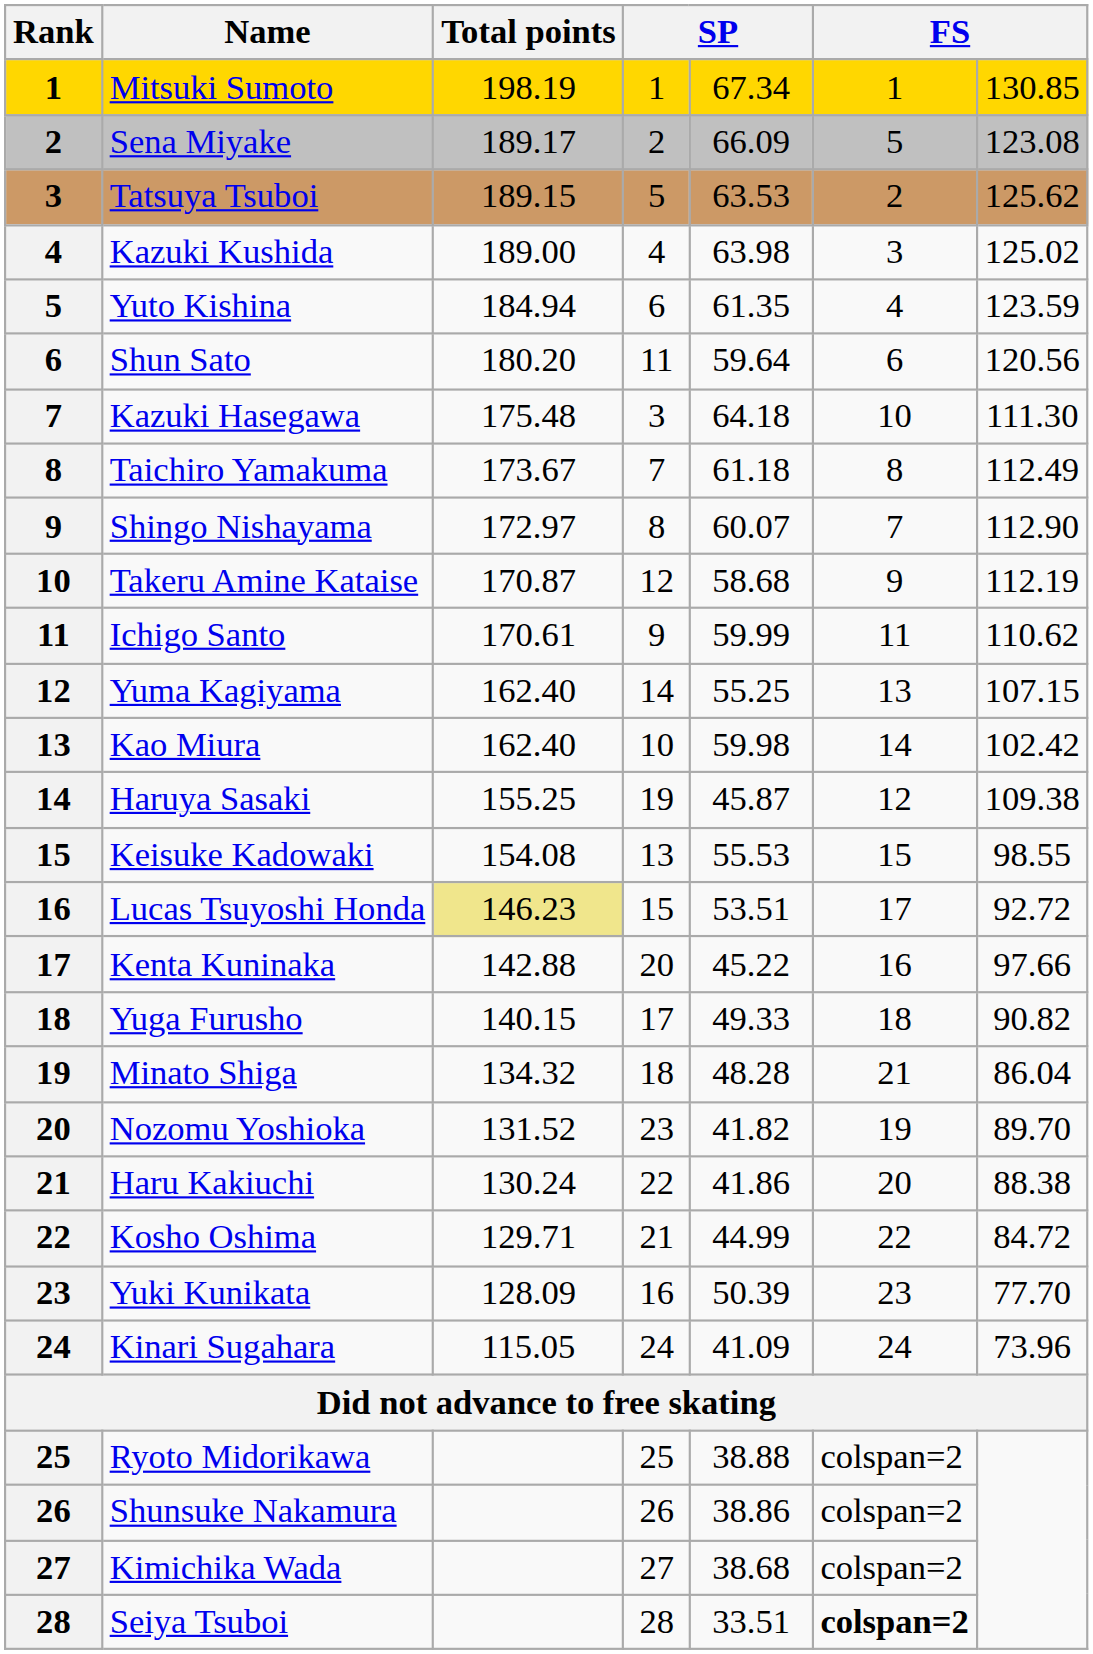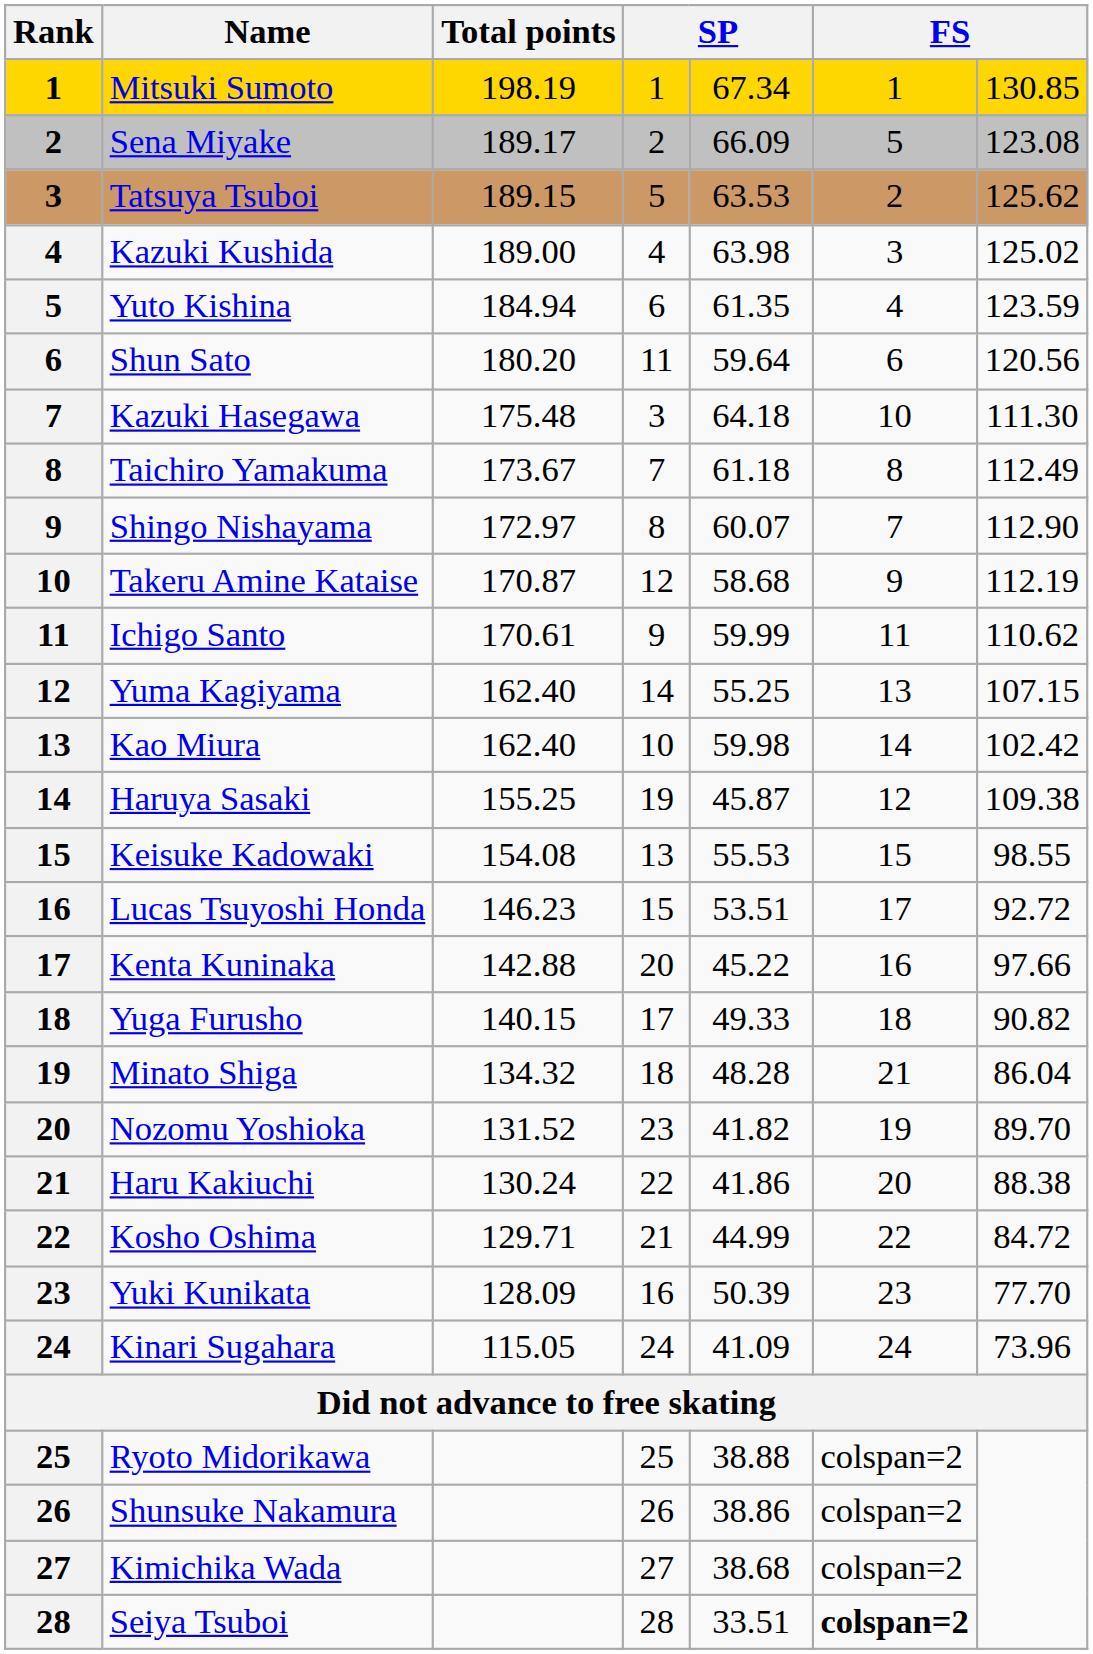 <table class="wikitable sortable">
 <tr>
 <th>Rank</th>
 <th>Name</th>
 <th>Total points</th>
 <th colspan="2" width="80px"><a href='#'>SP</a></th>
 <th colspan="2" width="80px"><a href='#'>FS</a></th>
 </tr>
 <tr bgcolor="gold">
 <td align="center"><strong>1</strong></td>
 <td><a href='#'>Mitsuki Sumoto</a></td>
 <td align="center">198.19</td>
 <td align="center">1</td>
 <td align="center">67.34</td>
 <td align="center">1</td>
 <td align="center">130.85</td>
 </tr>
 <tr bgcolor="silver">
 <td align="center"><strong>2</strong></td>
 <td><a href='#'>Sena Miyake</a></td>
 <td align="center">189.17</td>
 <td align="center">2</td>
 <td align="center">66.09</td>
 <td align="center">5</td>
 <td align="center">123.08</td>
 </tr>
 <tr bgcolor="cc9966">
 <td align="center"><strong>3</strong></td>
 <td><a href='#'>Tatsuya Tsuboi</a></td>
 <td align="center">189.15</td>
 <td align="center">5</td>
 <td align="center">63.53</td>
 <td align="center">2</td>
 <td align="center">125.62</td>
 </tr>
 <tr>
 <th>4</th>
 <td><a href='#'>Kazuki Kushida</a></td>
 <td align="center">189.00</td>
 <td align="center">4</td>
 <td align="center">63.98</td>
 <td align="center">3</td>
 <td align="center">125.02</td>
 </tr>
 <tr>
 <th>5</th>
 <td><a href='#'>Yuto Kishina</a></td>
 <td align="center">184.94</td>
 <td align="center">6</td>
 <td align="center">61.35</td>
 <td align="center">4</td>
 <td align="center">123.59</td>
 </tr>
 <tr>
 <th>6</th>
 <td><a href='#'>Shun Sato</a></td>
 <td align="center">180.20</td>
 <td align="center">11</td>
 <td align="center">59.64</td>
 <td align="center">6</td>
 <td align="center">120.56</td>
 </tr>
 <tr>
 <th>7</th>
 <td><a href='#'>Kazuki Hasegawa</a></td>
 <td align="center">175.48</td>
 <td align="center">3</td>
 <td align="center">64.18</td>
 <td align="center">10</td>
 <td align="center">111.30</td>
 </tr>
 <tr>
 <th>8</th>
 <td><a href='#'>Taichiro Yamakuma</a></td>
 <td align="center">173.67</td>
 <td align="center">7</td>
 <td align="center">61.18</td>
 <td align="center">8</td>
 <td align="center">112.49</td>
 </tr>
 <tr>
 <th>9</th>
 <td><a href='#'>Shingo Nishayama</a></td>
 <td align="center">172.97</td>
 <td align="center">8</td>
 <td align="center">60.07</td>
 <td align="center">7</td>
 <td align="center">112.90</td>
 </tr>
 <tr>
 <th>10</th>
 <td><a href='#'>Takeru Amine Kataise</a></td>
 <td align="center">170.87</td>
 <td align="center">12</td>
 <td align="center">58.68</td>
 <td align="center">9</td>
 <td align="center">112.19</td>
 </tr>
 <tr>
 <th>11</th>
 <td><a href='#'>Ichigo Santo</a></td>
 <td align="center">170.61</td>
 <td align="center">9</td>
 <td align="center">59.99</td>
 <td align="center">11</td>
 <td align="center">110.62</td>
 </tr>
 <tr>
 <th>12</th>
 <td><a href='#'>Yuma Kagiyama</a></td>
 <td align="center">162.40</td>
 <td align="center">14</td>
 <td align="center">55.25</td>
 <td align="center">13</td>
 <td align="center">107.15</td>
 </tr>
 <tr>
 <th>13</th>
 <td><a href='#'>Kao Miura</a></td>
 <td align="center">162.40</td>
 <td align="center">10</td>
 <td align="center">59.98</td>
 <td align="center">14</td>
 <td align="center">102.42</td>
 </tr>
 <tr>
 <th>14</th>
 <td><a href='#'>Haruya Sasaki</a></td>
 <td align="center">155.25</td>
 <td align="center">19</td>
 <td align="center">45.87</td>
 <td align="center">12</td>
 <td align="center">109.38</td>
 </tr>
 <tr>
 <th>15</th>
 <td><a href='#'>Keisuke Kadowaki</a></td>
 <td align="center">154.08</td>
 <td align="center">13</td>
 <td align="center">55.53</td>
 <td align="center">15</td>
 <td align="center">98.55</td>
 </tr>
 <tr>
 <th>16</th>
 <td><a href='#'>Lucas Tsuyoshi Honda</a></td>
-<td align="center" style="background: khaki;">146.23</td>
+<td align="center">146.23</td>
 <td align="center">15</td>
 <td align="center">53.51</td>
 <td align="center">17</td>
 <td align="center">92.72</td>
 </tr>
 <tr>
 <th>17</th>
 <td><a href='#'>Kenta Kuninaka</a></td>
 <td align="center">142.88</td>
 <td align="center">20</td>
 <td align="center">45.22</td>
 <td align="center">16</td>
 <td align="center">97.66</td>
 </tr>
 <tr>
 <th>18</th>
 <td><a href='#'>Yuga Furusho</a></td>
 <td align="center">140.15</td>
 <td align="center">17</td>
 <td align="center">49.33</td>
 <td align="center">18</td>
 <td align="center">90.82</td>
 </tr>
 <tr>
 <th>19</th>
 <td><a href='#'>Minato Shiga</a></td>
 <td align="center">134.32</td>
 <td align="center">18</td>
 <td align="center">48.28</td>
 <td align="center">21</td>
 <td align="center">86.04</td>
 </tr>
 <tr>
 <th>20</th>
 <td><a href='#'>Nozomu Yoshioka</a></td>
 <td align="center">131.52</td>
 <td align="center">23</td>
 <td align="center">41.82</td>
 <td align="center">19</td>
 <td align="center">89.70</td>
 </tr>
 <tr>
 <th>21</th>
 <td><a href='#'>Haru Kakiuchi</a></td>
 <td align="center">130.24</td>
 <td align="center">22</td>
 <td align="center">41.86</td>
 <td align="center">20</td>
 <td align="center">88.38</td>
 </tr>
 <tr>
 <th>22</th>
 <td><a href='#'>Kosho Oshima</a></td>
 <td align="center">129.71</td>
 <td align="center">21</td>
 <td align="center">44.99</td>
 <td align="center">22</td>
 <td align="center">84.72</td>
 </tr>
 <tr>
 <th>23</th>
 <td><a href='#'>Yuki Kunikata</a></td>
 <td align="center">128.09</td>
 <td align="center">16</td>
 <td align="center">50.39</td>
 <td align="center">23</td>
 <td align="center">77.70</td>
 </tr>
 <tr>
 <th>24</th>
 <td><a href='#'>Kinari Sugahara</a></td>
 <td align="center">115.05</td>
 <td align="center">24</td>
 <td align="center">41.09</td>
 <td align="center">24</td>
 <td align="center">73.96</td>
 </tr>
 <tr>
 <th colspan=8>Did not advance to free skating</th>
 </tr>
 <tr>
 <th>25</th>
 <td><a href='#'>Ryoto Midorikawa</a></td>
 <td></td>
 <td align="center">25</td>
 <td align="center">38.88</td>
 <td>colspan=2 </td>
 </tr>
 <tr>
 <th>26</th>
 <td><a href='#'>Shunsuke Nakamura</a></td>
 <td></td>
 <td align="center">26</td>
 <td align="center">38.86</td>
 <td>colspan=2 </td>
 </tr>
 <tr>
 <th>27</th>
 <td><a href='#'>Kimichika Wada</a></td>
 <td></td>
 <td align="center">27</td>
 <td align="center">38.68</td>
 <td>colspan=2 </td>
 </tr>
 <tr>
 <th>28</th>
 <td><a href='#'>Seiya Tsuboi</a></td>
 <td></td>
 <td align="center">28</td>
 <td align="center">33.51</td>
 <td><strong>colspan=2 </strong></td>
 </tr>
 </table>
